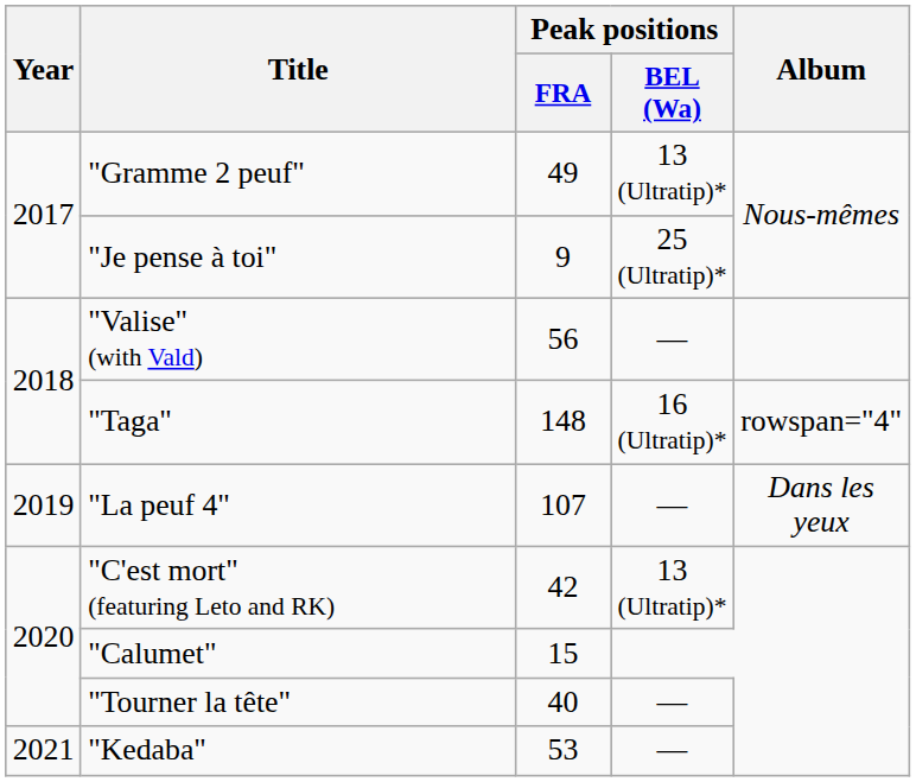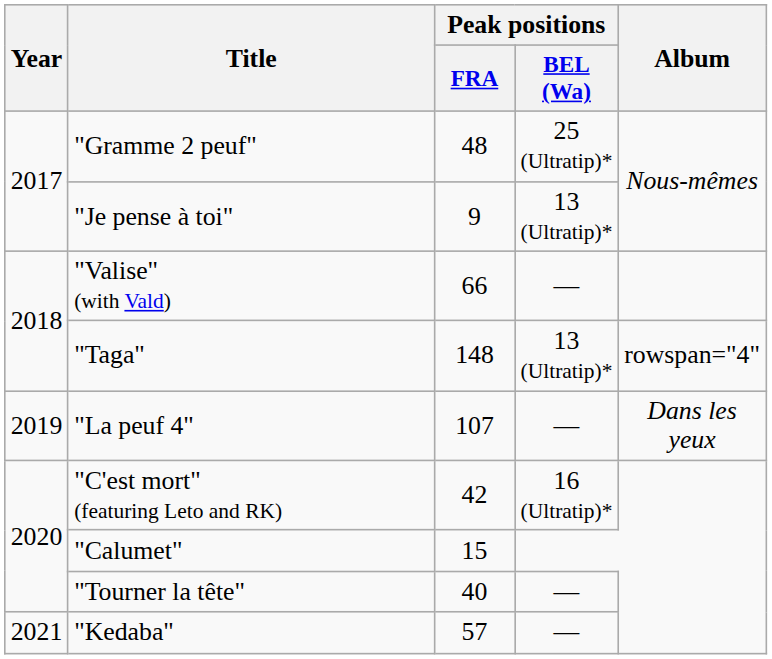 <table class="wikitable">
 <tr>
 <th rowspan="2" style="text-align:center; width:10px;">Year</th>
 <th rowspan="2" style="text-align:center; width:220px;">Title</th>
 <th colspan="2" style="text-align:center; width:20px;">Peak positions</th>
 <th rowspan="2" style="text-align:center; width:70px;">Album</th>
 </tr>
 <tr>
 <th scope="col" style="width:3em;font-size:90%;"><a href='#'>FRA</a><br></th>
 <th scope="col" style="width:3em;font-size:90%;"><a href='#'>BEL<br>(Wa)</a><br></th>
 </tr>
 <tr>
 <td style="text-align:center;" rowspan=2>2017</td>
 <td>"Gramme 2 peuf"</td>
-<td style="text-align:center;">49</td>
-<td style="text-align:center;">13<br><small>(Ultratip)*</small></td>
+<td style="text-align:center;">48</td>
+<td style="text-align:center;">25<br><small>(Ultratip)*</small></td>
 <td style="text-align:center;" rowspan=2><em>Nous-mêmes</em></td>
 </tr>
 <tr>
 <td>"Je pense à toi"</td>
 <td style="text-align:center;">9</td>
-<td style="text-align:center;">25<br><small>(Ultratip)*</small></td>
+<td style="text-align:center;">13<br><small>(Ultratip)*</small></td>
 </tr>
 <tr>
 <td style="text-align:center;" rowspan=2>2018</td>
 <td>"Valise"<br><small>(with <a href='#'>Vald</a>)</small></td>
-<td style="text-align:center;">56</td>
+<td style="text-align:center;">66</td>
 <td style="text-align:center;">—</td>
 <td></td>
 </tr>
 <tr>
 <td>"Taga"</td>
 <td style="text-align:center;">148</td>
-<td style="text-align:center;">16<br><small>(Ultratip)*</small></td>
+<td style="text-align:center;">13<br><small>(Ultratip)*</small></td>
 <td>rowspan="4" </td>
 </tr>
 <tr>
 <td style="text-align:center;">2019</td>
 <td>"La peuf 4"</td>
 <td style="text-align:center;">107<br></td>
 <td style="text-align:center;">—</td>
 <td style="text-align:center;"><em>Dans les yeux</em></td>
 </tr>
 <tr>
 <td style="text-align:center;" rowspan="3">2020</td>
 <td>"C'est mort"<br><small>(featuring Leto and RK)</small></td>
 <td style="text-align:center;">42</td>
-<td style="text-align:center;">13<br><small>(Ultratip)*</small></td>
+<td style="text-align:center;">16<br><small>(Ultratip)*</small></td>
 </tr>
 <tr>
 <td>"Calumet"</td>
 <td style="text-align:center;">15</td>
 </tr>
 <tr>
 <td>"Tourner la tête"</td>
 <td style="text-align:center;">40</td>
 <td style="text-align:center;">—</td>
 </tr>
 <tr>
 <td style="text-align:center;">2021</td>
 <td>"Kedaba"</td>
-<td style="text-align:center;">53</td>
+<td style="text-align:center;">57</td>
 <td style="text-align:center;">—</td>
 </tr>
 </table>
